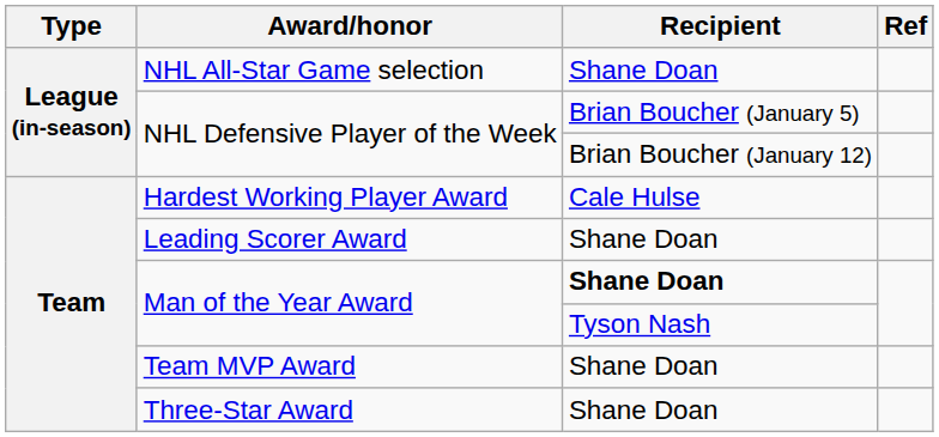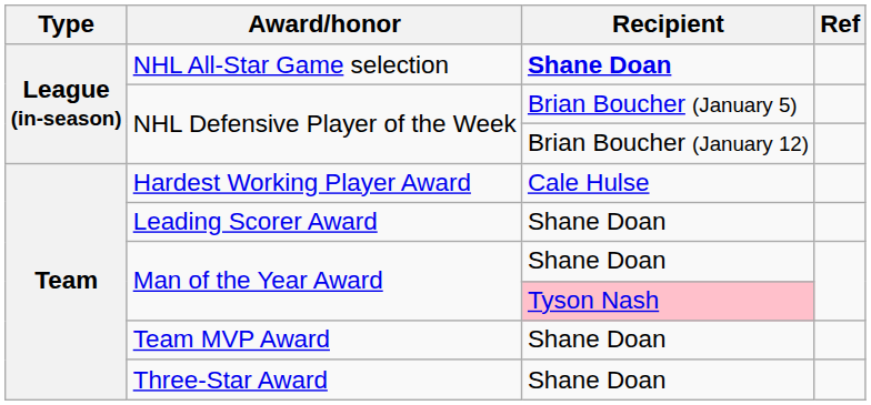 <table class="wikitable">
 <tr>
 <th scope="col">Type</th>
 <th scope="col">Award/honor</th>
 <th scope="col">Recipient</th>
 <th scope="col">Ref</th>
 </tr>
 <tr>
 <th scope="row" rowspan="3">League<br><small>(in-season)</small></th>
 <td><a href='#'>NHL All-Star Game</a> selection</td>
-<td><a href='#'>Shane Doan</a></td>
+<td><strong><a href='#'>Shane Doan</a></strong></td>
 <td></td>
 </tr>
 <tr>
 <td rowspan="2">NHL Defensive Player of the Week</td>
 <td><a href='#'>Brian Boucher</a> <small>(January 5)</small></td>
 <td></td>
 </tr>
 <tr>
 <td>Brian Boucher <small>(January 12)</small></td>
 <td></td>
 </tr>
 <tr>
 <th scope="row" rowspan="6">Team</th>
 <td><a href='#'>Hardest Working Player Award</a></td>
 <td><a href='#'>Cale Hulse</a></td>
 <td></td>
 </tr>
 <tr>
 <td><a href='#'>Leading Scorer Award</a></td>
 <td>Shane Doan</td>
 <td></td>
 </tr>
 <tr>
 <td rowspan="2"><a href='#'>Man of the Year Award</a></td>
-<td><strong>Shane Doan</strong></td>
+<td>Shane Doan</td>
 <td rowspan="2"></td>
 </tr>
 <tr>
-<td><a href='#'>Tyson Nash</a></td>
+<td style="background: pink;"><a href='#'>Tyson Nash</a></td>
 </tr>
 <tr>
 <td><a href='#'>Team MVP Award</a></td>
 <td>Shane Doan</td>
 <td></td>
 </tr>
 <tr>
 <td><a href='#'>Three-Star Award</a></td>
 <td>Shane Doan</td>
 <td></td>
 </tr>
 </table>
